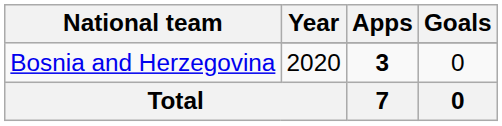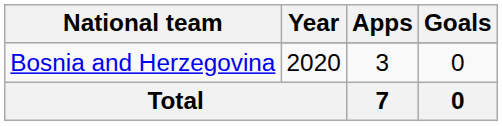 <table class="wikitable" style="text-align: center;">
 <tr>
 <th>National team</th>
 <th>Year</th>
 <th>Apps</th>
 <th>Goals</th>
 </tr>
 <tr>
 <td rowspan="2"><a href='#'>Bosnia and Herzegovina</a></td>
 </tr>
 <tr>
 <td>2020</td>
-<td><strong>3</strong></td>
+<td>3</td>
 <td>0</td>
 </tr>
 <tr>
 <th colspan="2">Total</th>
 <th>7</th>
 <th>0</th>
 </tr>
 </table>
